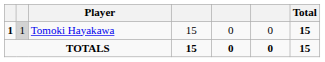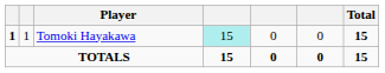 <table class="wikitable sortable" style="text-align:center">
 <tr>
 <th width=10></th>
 <th width=10></th>
 <th width=200>Player</th>
 <th width=50></th>
 <th width=50></th>
 <th width=50></th>
 <th>Total</th>
 </tr>
 <tr>
 <td><strong>1</strong></td>
-<td style="background: lightgrey;">1</td>
+<td>1</td>
 <td align="left"> <a href='#'>Tomoki Hayakawa</a></td>
-<td>15</td>
+<td style="background: paleturquoise;">15</td>
 <td>0</td>
 <td>0</td>
 <td><strong>15</strong></td>
 </tr>
 <tr>
 <td colspan="3"><strong>TOTALS</strong></td>
 <td><strong>15</strong></td>
 <td><strong>0</strong></td>
 <td><strong>0</strong></td>
 <td><strong>15</strong></td>
 </tr>
 </table>
